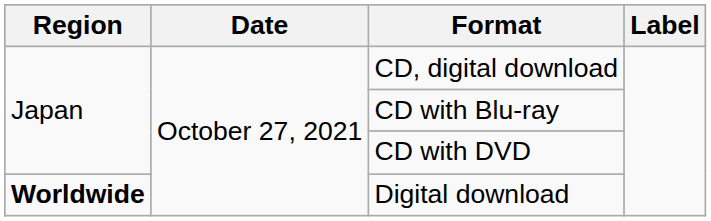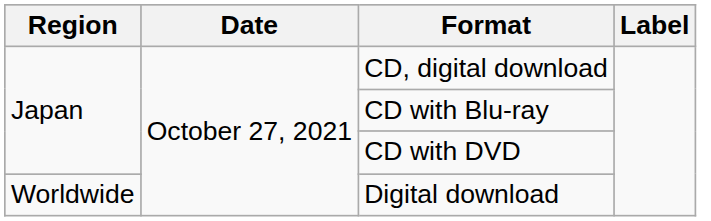 <table class="wikitable plainrowheaders">
 <tr>
 <th scope="col">Region</th>
 <th scope="col">Date</th>
 <th scope="col">Format</th>
 <th scope="col">Label</th>
 </tr>
 <tr>
 <td rowspan="3" scope="row">Japan</td>
 <td rowspan="4">October 27, 2021</td>
 <td>CD, digital download</td>
 <td rowspan="4"></td>
 </tr>
 <tr>
 <td>CD with Blu-ray</td>
 </tr>
 <tr>
 <td>CD with DVD</td>
 </tr>
 <tr>
-<td scope="row"><strong>Worldwide</strong></td>
+<td scope="row">Worldwide</td>
 <td>Digital download</td>
 </tr>
 </table>
